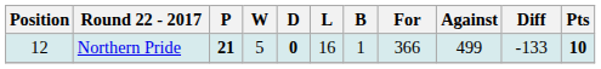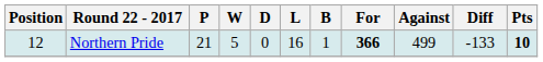 <table class="wikitable" style="text-align:center; font-size:85%;">
 <tr>
 <th width=40 abbr="Position">Position</th>
 <th width=100>Round 22 - 2017</th>
 <th width=20 abbr="Played">P</th>
 <th width=20 abbr="Won">W</th>
 <th width=20 abbr="Drawn">D</th>
 <th width=20 abbr="Lost">L</th>
 <th width=20 abbr="Bye">B</th>
 <th width=40 abbr="Points for">For</th>
 <th width=40 abbr="Points against">Against</th>
 <th width=40 abbr="Points difference">Diff</th>
 <th width=20 abbr="Points">Pts</th>
 </tr>
 <tr style="background: #d7ebed;">
 <td>12</td>
 <td style="text-align:left;"> <a href='#'>Northern Pride</a></td>
-<td><strong>21</strong></td>
+<td>21</td>
 <td>5</td>
-<td><strong>0</strong></td>
+<td>0</td>
 <td>16</td>
 <td>1</td>
-<td>366</td>
+<td><strong>366</strong></td>
 <td>499</td>
 <td>-133</td>
 <td><strong>10</strong></td>
 </tr>
 <tr>
 </tr>
 </table>
